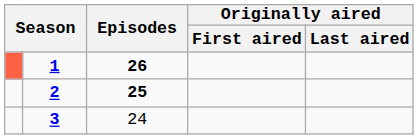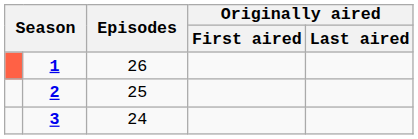 <table class="wikitable" style="text-align: center;">
 <tr>
 <th style="padding: 0 8px;" rowspan="2" colspan="2">Season</th>
 <th style="padding: 0 8px;" rowspan="2">Episodes</th>
 <th style="padding: 0 8px;" colspan="2">Originally aired</th>
 </tr>
 <tr>
 <th>First aired</th>
 <th>Last aired</th>
 </tr>
 <tr>
 <td style="background:#FF6145; width:8px;"></td>
 <td><strong><a href='#'>1</a></strong></td>
-<td><strong>26</strong></td>
+<td>26</td>
 <td></td>
 <td></td>
 </tr>
 <tr>
 <td style="background:#; width:8px;"></td>
 <td><strong><a href='#'>2</a></strong></td>
-<td><strong>25</strong></td>
+<td>25</td>
 <td></td>
 <td></td>
 </tr>
 <tr>
 <td style="background:#; width:8px;"></td>
 <td><strong><a href='#'>3</a></strong></td>
 <td>24</td>
 <td></td>
 <td></td>
 </tr>
 </table>
